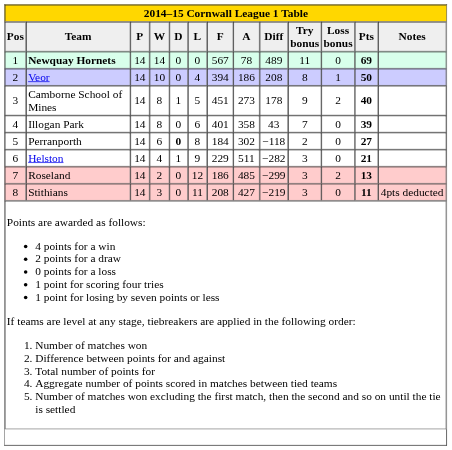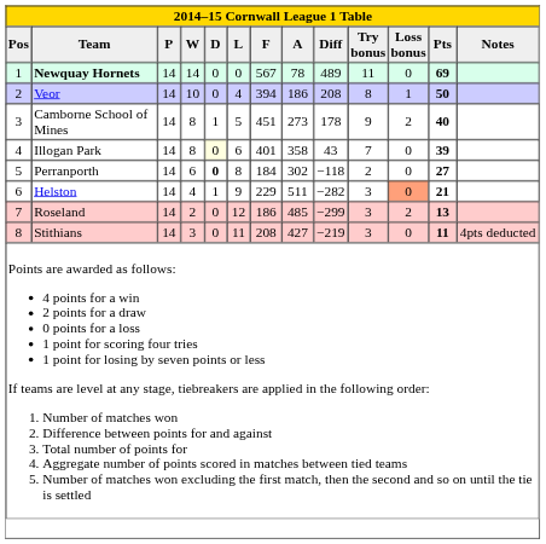 <table border="1" cellpadding="2" cellspacing="0">
 <tr bgcolor="gold">
 <th colspan=13 style="border-right:0px;";>2014–15 Cornwall League 1 Table</th>
 </tr>
 <tr bgcolor="#efefef">
 <th width="20">Pos</th>
 <th width="180">Team</th>
 <th width="25">P</th>
 <th width="25">W</th>
 <th width="25">D</th>
 <th width="25">L</th>
 <th width="35">F</th>
 <th width="35">A</th>
 <th width="35">Diff</th>
 <th width="35">Try bonus</th>
 <th width="35">Loss bonus</th>
 <th width="30">Pts</th>
 <th width="110">Notes</th>
 </tr>
 <tr bgcolor=#d8ffeb align=center>
 <td>1</td>
 <td align=left><strong>Newquay Hornets</strong></td>
 <td>14</td>
 <td>14</td>
 <td>0</td>
 <td>0</td>
 <td>567</td>
 <td>78</td>
 <td>489</td>
 <td>11</td>
 <td>0</td>
 <td><strong>69</strong></td>
 <td></td>
 </tr>
 <tr style="background-color:#ccccff;" align=center>
 <td>2</td>
 <td align=left><a href='#'>Veor</a></td>
 <td>14</td>
 <td>10</td>
 <td>0</td>
 <td>4</td>
 <td>394</td>
 <td>186</td>
 <td>208</td>
 <td>8</td>
 <td>1</td>
 <td><strong>50</strong></td>
 <td></td>
 </tr>
 <tr align=center>
 <td>3</td>
 <td align=left>Camborne School of Mines</td>
 <td>14</td>
 <td>8</td>
 <td>1</td>
 <td>5</td>
 <td>451</td>
 <td>273</td>
 <td>178</td>
 <td>9</td>
 <td>2</td>
 <td><strong>40</strong></td>
 <td></td>
 </tr>
 <tr align=center>
 <td>4</td>
 <td align=left>Illogan Park</td>
 <td>14</td>
 <td>8</td>
-<td>0</td>
+<td style="background: lightyellow;">0</td>
 <td>6</td>
 <td>401</td>
 <td>358</td>
 <td>43</td>
 <td>7</td>
 <td>0</td>
 <td><strong>39</strong></td>
 <td></td>
 </tr>
 <tr align=center>
 <td>5</td>
 <td align=left>Perranporth</td>
 <td>14</td>
 <td>6</td>
 <td><strong>0</strong></td>
 <td>8</td>
 <td>184</td>
 <td>302</td>
 <td>−118</td>
 <td>2</td>
 <td>0</td>
 <td><strong>27</strong></td>
 <td></td>
 </tr>
 <tr align=center>
 <td>6</td>
 <td align=left><a href='#'>Helston</a></td>
 <td>14</td>
 <td>4</td>
 <td>1</td>
 <td>9</td>
 <td>229</td>
 <td>511</td>
 <td>−282</td>
 <td>3</td>
-<td>0</td>
+<td style="background: lightsalmon;">0</td>
 <td><strong>21</strong></td>
 <td></td>
 </tr>
 <tr bgcolor=#ffcccc align=center>
 <td>7</td>
 <td align=left>Roseland</td>
 <td>14</td>
 <td>2</td>
 <td>0</td>
 <td>12</td>
 <td>186</td>
 <td>485</td>
 <td>−299</td>
 <td>3</td>
 <td>2</td>
 <td><strong>13</strong></td>
 <td></td>
 </tr>
 <tr bgcolor=#ffcccc align=center>
 <td>8</td>
 <td align=left>Stithians</td>
 <td>14</td>
 <td>3</td>
 <td>0</td>
 <td>11</td>
 <td>208</td>
 <td>427</td>
 <td>−219</td>
 <td>3</td>
 <td>0</td>
 <td><strong>11</strong></td>
 <td>4pts deducted</td>
 </tr>
 <tr align=center>
 </tr>
 <tr bgcolor=#ffffff>
 <td colspan="13"><br>Points are awarded as follows:<ul><li>4 points for a win</li><li>2 points for a draw</li><li>0 points for a loss</li><li>1 point for scoring four tries</li><li>1 point for losing by seven points or less</li></ul>If teams are level at any stage, tiebreakers are applied in the following order:<ol><li>Number of matches won</li><li>Difference between points for and against</li><li>Total number of points for</li><li>Aggregate number of points scored in matches between tied teams</li><li>Number of matches won excluding the first match, then the second and so on until the tie is settled</li></ol></td>
 </tr>
 <tr |align=left|>
 <td colspan="15" style="border:0px"><br></td>
 </tr>
 </table>
